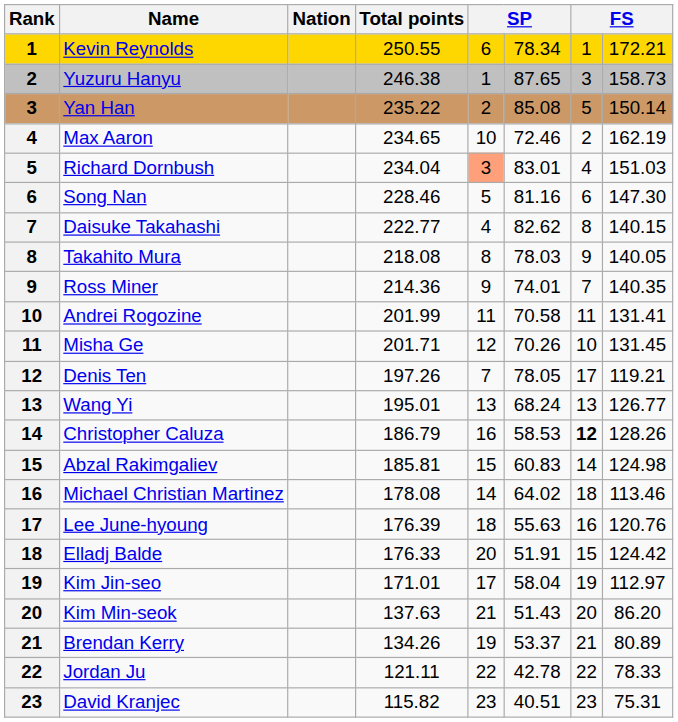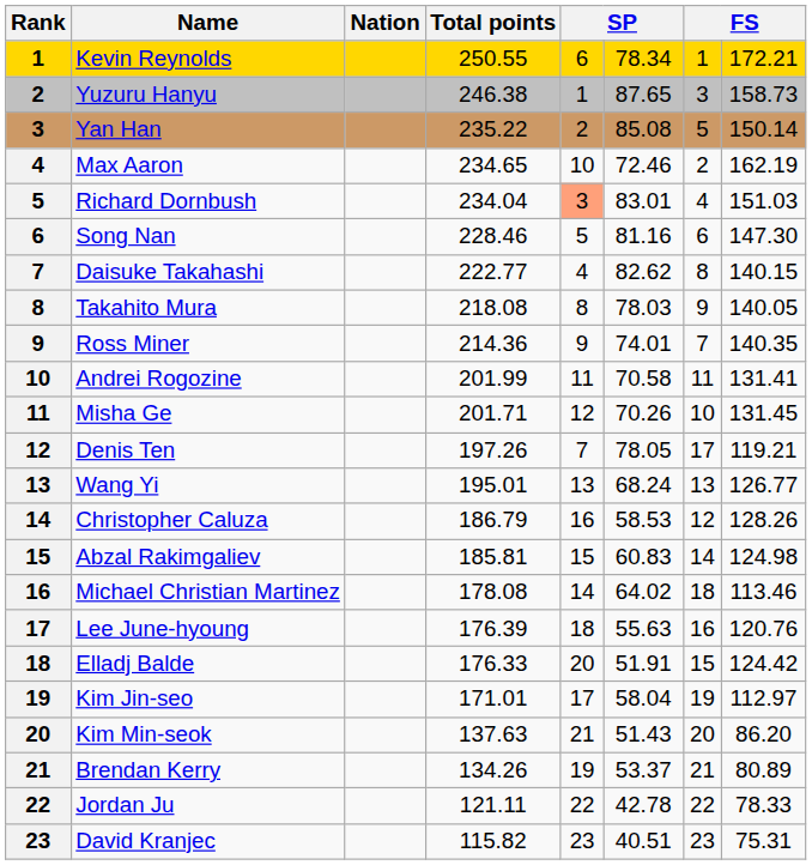 <table class="wikitable sortable">
 <tr>
 <th>Rank</th>
 <th>Name</th>
 <th>Nation</th>
 <th>Total points</th>
 <th colspan="2" width="80px"><a href='#'>SP</a></th>
 <th colspan="2" width="80px"><a href='#'>FS</a></th>
 </tr>
 <tr bgcolor="gold">
 <td align="center"><strong>1</strong></td>
 <td><a href='#'>Kevin Reynolds</a></td>
 <td></td>
 <td align="center">250.55</td>
 <td align="center">6</td>
 <td align="center">78.34</td>
 <td align="center">1</td>
 <td align="center">172.21</td>
 </tr>
 <tr bgcolor="silver">
 <td align="center"><strong>2</strong></td>
 <td><a href='#'>Yuzuru Hanyu</a></td>
 <td></td>
 <td align="center">246.38</td>
 <td align="center">1</td>
 <td align="center">87.65</td>
 <td align="center">3</td>
 <td align="center">158.73</td>
 </tr>
 <tr bgcolor="cc9966">
 <td align="center"><strong>3</strong></td>
 <td><a href='#'>Yan Han</a></td>
 <td></td>
 <td align="center">235.22</td>
 <td align="center">2</td>
 <td align="center">85.08</td>
 <td align="center">5</td>
 <td align="center">150.14</td>
 </tr>
 <tr>
 <th>4</th>
 <td><a href='#'>Max Aaron</a></td>
 <td></td>
 <td align="center">234.65</td>
 <td align="center">10</td>
 <td align="center">72.46</td>
 <td align="center">2</td>
 <td align="center">162.19</td>
 </tr>
 <tr>
 <th>5</th>
 <td><a href='#'>Richard Dornbush</a></td>
 <td></td>
 <td align="center">234.04</td>
 <td align="center" style="background: lightsalmon;">3</td>
 <td align="center">83.01</td>
 <td align="center">4</td>
 <td align="center">151.03</td>
 </tr>
 <tr>
 <th>6</th>
 <td><a href='#'>Song Nan</a></td>
 <td></td>
 <td align="center">228.46</td>
 <td align="center">5</td>
 <td align="center">81.16</td>
 <td align="center">6</td>
 <td align="center">147.30</td>
 </tr>
 <tr>
 <th>7</th>
 <td><a href='#'>Daisuke Takahashi</a></td>
 <td></td>
 <td align="center">222.77</td>
 <td align="center">4</td>
 <td align="center">82.62</td>
 <td align="center">8</td>
 <td align="center">140.15</td>
 </tr>
 <tr>
 <th>8</th>
 <td><a href='#'>Takahito Mura</a></td>
 <td></td>
 <td align="center">218.08</td>
 <td align="center">8</td>
 <td align="center">78.03</td>
 <td align="center">9</td>
 <td align="center">140.05</td>
 </tr>
 <tr>
 <th>9</th>
 <td><a href='#'>Ross Miner</a></td>
 <td></td>
 <td align="center">214.36</td>
 <td align="center">9</td>
 <td align="center">74.01</td>
 <td align="center">7</td>
 <td align="center">140.35</td>
 </tr>
 <tr>
 <th>10</th>
 <td><a href='#'>Andrei Rogozine</a></td>
 <td></td>
 <td align="center">201.99</td>
 <td align="center">11</td>
 <td align="center">70.58</td>
 <td align="center">11</td>
 <td align="center">131.41</td>
 </tr>
 <tr>
 <th>11</th>
 <td><a href='#'>Misha Ge</a></td>
 <td></td>
 <td align="center">201.71</td>
 <td align="center">12</td>
 <td align="center">70.26</td>
 <td align="center">10</td>
 <td align="center">131.45</td>
 </tr>
 <tr>
 <th>12</th>
 <td><a href='#'>Denis Ten</a></td>
 <td></td>
 <td align="center">197.26</td>
 <td align="center">7</td>
 <td align="center">78.05</td>
 <td align="center">17</td>
 <td align="center">119.21</td>
 </tr>
 <tr>
 <th>13</th>
 <td><a href='#'>Wang Yi</a></td>
 <td></td>
 <td align="center">195.01</td>
 <td align="center">13</td>
 <td align="center">68.24</td>
 <td align="center">13</td>
 <td align="center">126.77</td>
 </tr>
 <tr>
 <th>14</th>
 <td><a href='#'>Christopher Caluza</a></td>
 <td></td>
 <td align="center">186.79</td>
 <td align="center">16</td>
 <td align="center">58.53</td>
-<td align="center"><strong>12</strong></td>
+<td align="center">12</td>
 <td align="center">128.26</td>
 </tr>
 <tr>
 <th>15</th>
 <td><a href='#'>Abzal Rakimgaliev</a></td>
 <td></td>
 <td align="center">185.81</td>
 <td align="center">15</td>
 <td align="center">60.83</td>
 <td align="center">14</td>
 <td align="center">124.98</td>
 </tr>
 <tr>
 <th>16</th>
 <td><a href='#'>Michael Christian Martinez</a></td>
 <td></td>
 <td align="center">178.08</td>
 <td align="center">14</td>
 <td align="center">64.02</td>
 <td align="center">18</td>
 <td align="center">113.46</td>
 </tr>
 <tr>
 <th>17</th>
 <td><a href='#'>Lee June-hyoung</a></td>
 <td></td>
 <td align="center">176.39</td>
 <td align="center">18</td>
 <td align="center">55.63</td>
 <td align="center">16</td>
 <td align="center">120.76</td>
 </tr>
 <tr>
 <th>18</th>
 <td><a href='#'>Elladj Balde</a></td>
 <td></td>
 <td align="center">176.33</td>
 <td align="center">20</td>
 <td align="center">51.91</td>
 <td align="center">15</td>
 <td align="center">124.42</td>
 </tr>
 <tr>
 <th>19</th>
 <td><a href='#'>Kim Jin-seo</a></td>
 <td></td>
 <td align="center">171.01</td>
 <td align="center">17</td>
 <td align="center">58.04</td>
 <td align="center">19</td>
 <td align="center">112.97</td>
 </tr>
 <tr>
 <th>20</th>
 <td><a href='#'>Kim Min-seok</a></td>
 <td></td>
 <td align="center">137.63</td>
 <td align="center">21</td>
 <td align="center">51.43</td>
 <td align="center">20</td>
 <td align="center">86.20</td>
 </tr>
 <tr>
 <th>21</th>
 <td><a href='#'>Brendan Kerry</a></td>
 <td></td>
 <td align="center">134.26</td>
 <td align="center">19</td>
 <td align="center">53.37</td>
 <td align="center">21</td>
 <td align="center">80.89</td>
 </tr>
 <tr>
 <th>22</th>
 <td><a href='#'>Jordan Ju</a></td>
 <td></td>
 <td align="center">121.11</td>
 <td align="center">22</td>
 <td align="center">42.78</td>
 <td align="center">22</td>
 <td align="center">78.33</td>
 </tr>
 <tr>
 <th>23</th>
 <td><a href='#'>David Kranjec</a></td>
 <td></td>
 <td align="center">115.82</td>
 <td align="center">23</td>
 <td align="center">40.51</td>
 <td align="center">23</td>
 <td align="center">75.31</td>
 </tr>
 </table>
